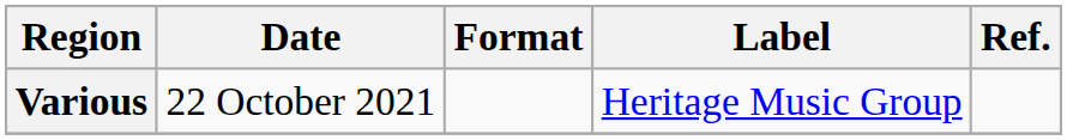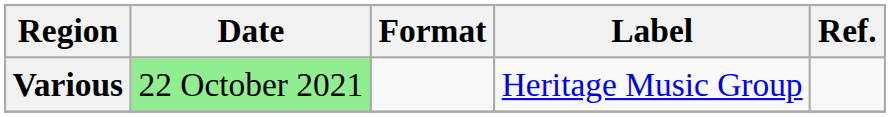 <table class="wikitable plainrowheaders">
 <tr>
 <th scope="col">Region</th>
 <th scope="col">Date</th>
 <th scope="col">Format</th>
 <th scope="col">Label</th>
 <th scope="col">Ref.</th>
 </tr>
 <tr>
 <th scope="row">Various</th>
-<td>22 October 2021</td>
+<td style="background: lightgreen;">22 October 2021</td>
 <td></td>
 <td><a href='#'>Heritage Music Group</a></td>
 <td></td>
 </tr>
 <tr>
 </tr>
 </table>
